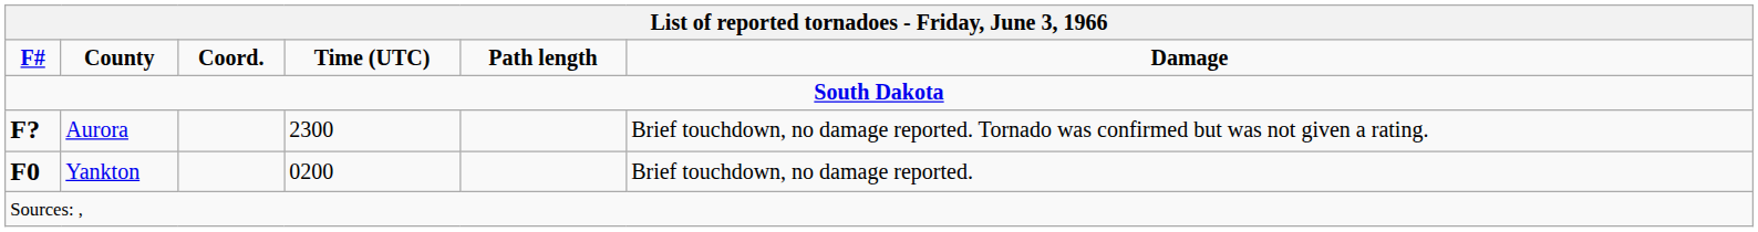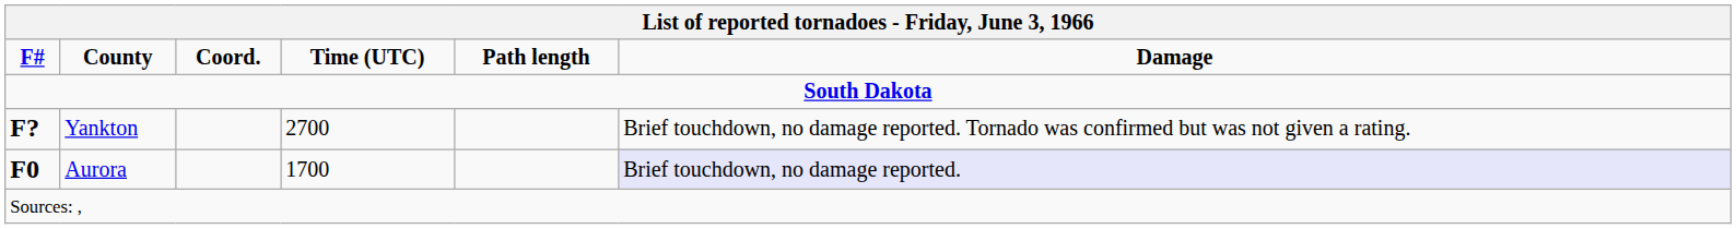 <table class="wikitable collapsible" style="width:100%;">
 <tr>
 <th colspan="6">List of reported tornadoes - Friday, June 3, 1966</th>
 </tr>
 <tr style="text-align:center;">
 <td><strong><a href='#'>F#</a></strong></td>
 <td><strong>County</strong></td>
 <td><strong>Coord.</strong></td>
 <td><strong>Time (UTC)</strong></td>
 <td><strong>Path length</strong></td>
 <td><strong>Damage</strong></td>
 </tr>
 <tr>
 <td colspan="6" style="text-align:center;"><strong><a href='#'>South Dakota</a></strong></td>
 </tr>
 <tr>
 <td><big><strong>F?</strong></big></td>
-<td><a href='#'>Aurora</a></td>
+<td><a href='#'>Yankton</a></td>
 <td></td>
-<td>2300</td>
+<td>2700</td>
 <td></td>
 <td>Brief touchdown, no damage reported. Tornado was confirmed but was not given a rating.</td>
 </tr>
 <tr>
 <td><big><strong>F0</strong></big></td>
-<td><a href='#'>Yankton</a></td>
+<td><a href='#'>Aurora</a></td>
 <td></td>
-<td>0200</td>
+<td>1700</td>
 <td></td>
-<td>Brief touchdown, no damage reported.</td>
+<td style="background: lavender;">Brief touchdown, no damage reported.</td>
 </tr>
 <tr>
 <td colspan="7"><small>Sources: ,</small></td>
 </tr>
 </table>
